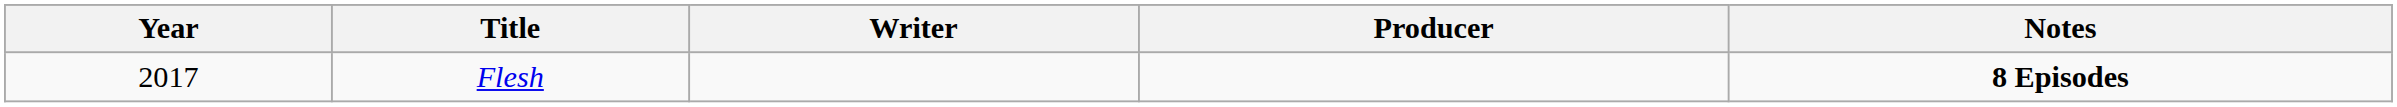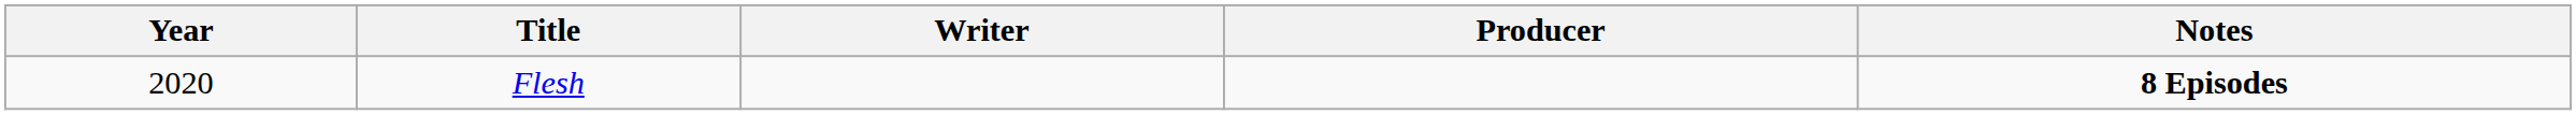 <table class="wikitable" style="width: 100%; text-align: center;">
 <tr>
 <th scope="col">Year</th>
 <th scope="col">Title</th>
 <th scope="col">Writer</th>
 <th scope="col">Producer</th>
 <th scope="col" class="unsortable">Notes</th>
 </tr>
 <tr>
-<td>2017</td>
+<td>2020</td>
 <td><em><a href='#'>Flesh</a></em></td>
 <td></td>
 <td></td>
 <td><strong>8 Episodes</strong></td>
 </tr>
 </table>
